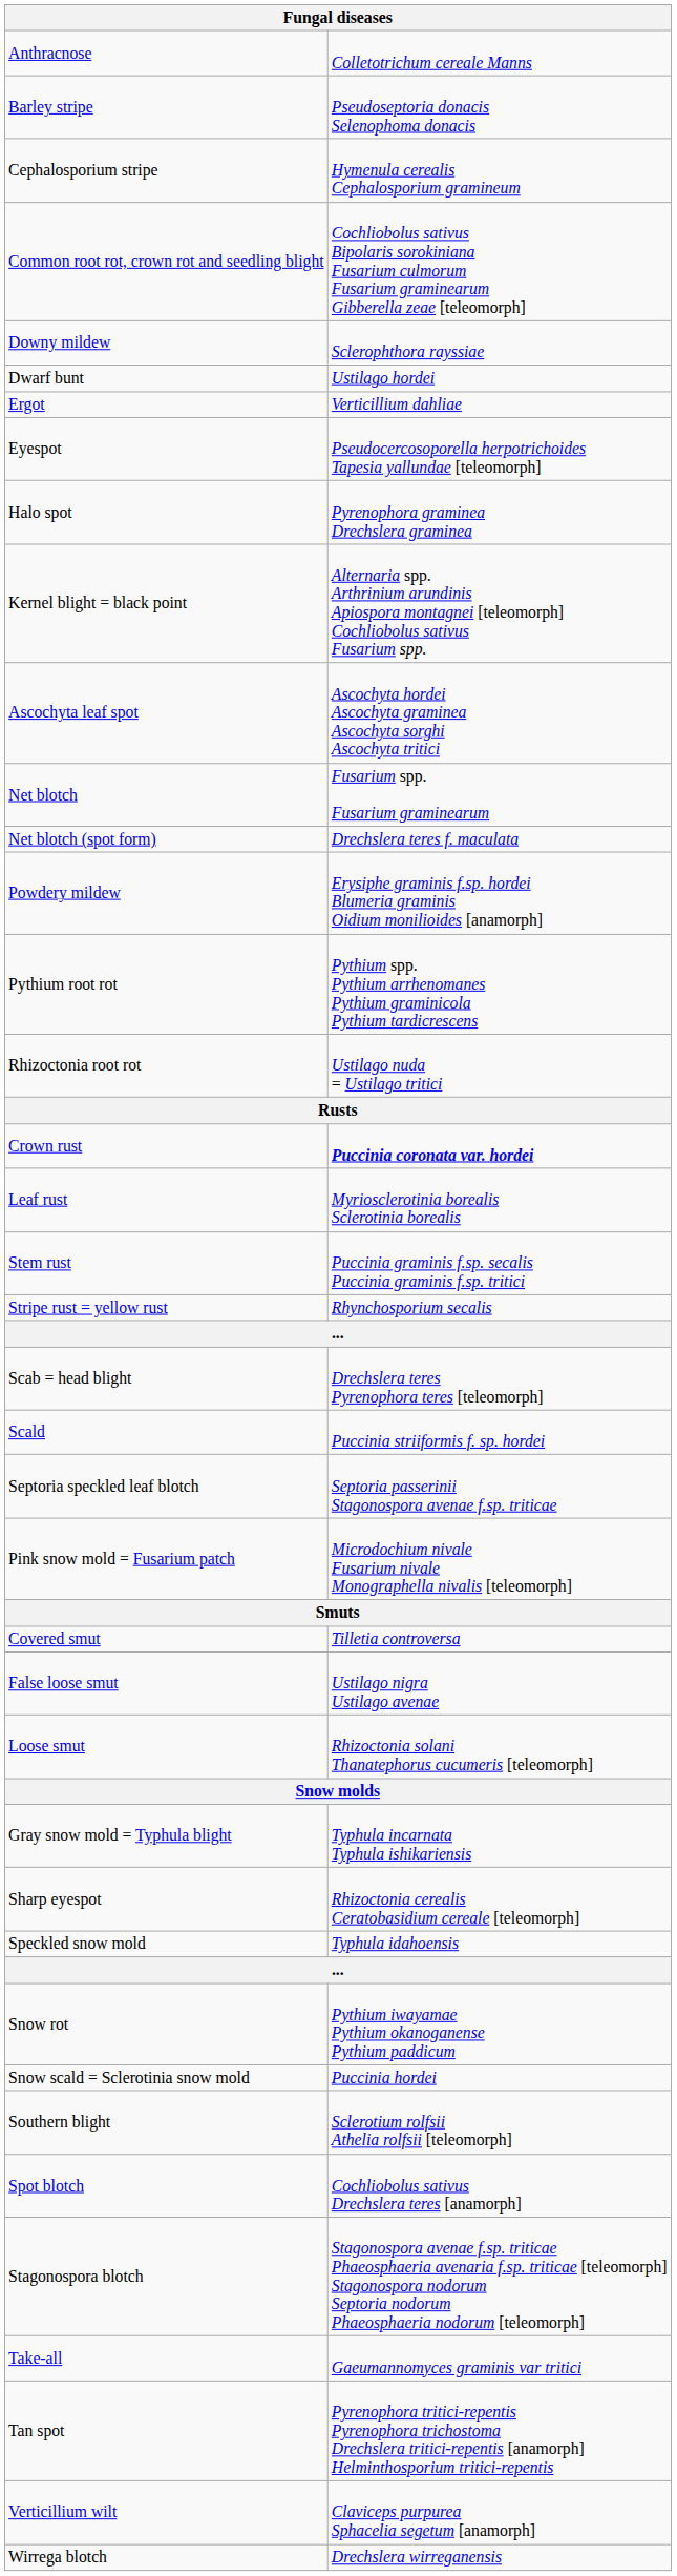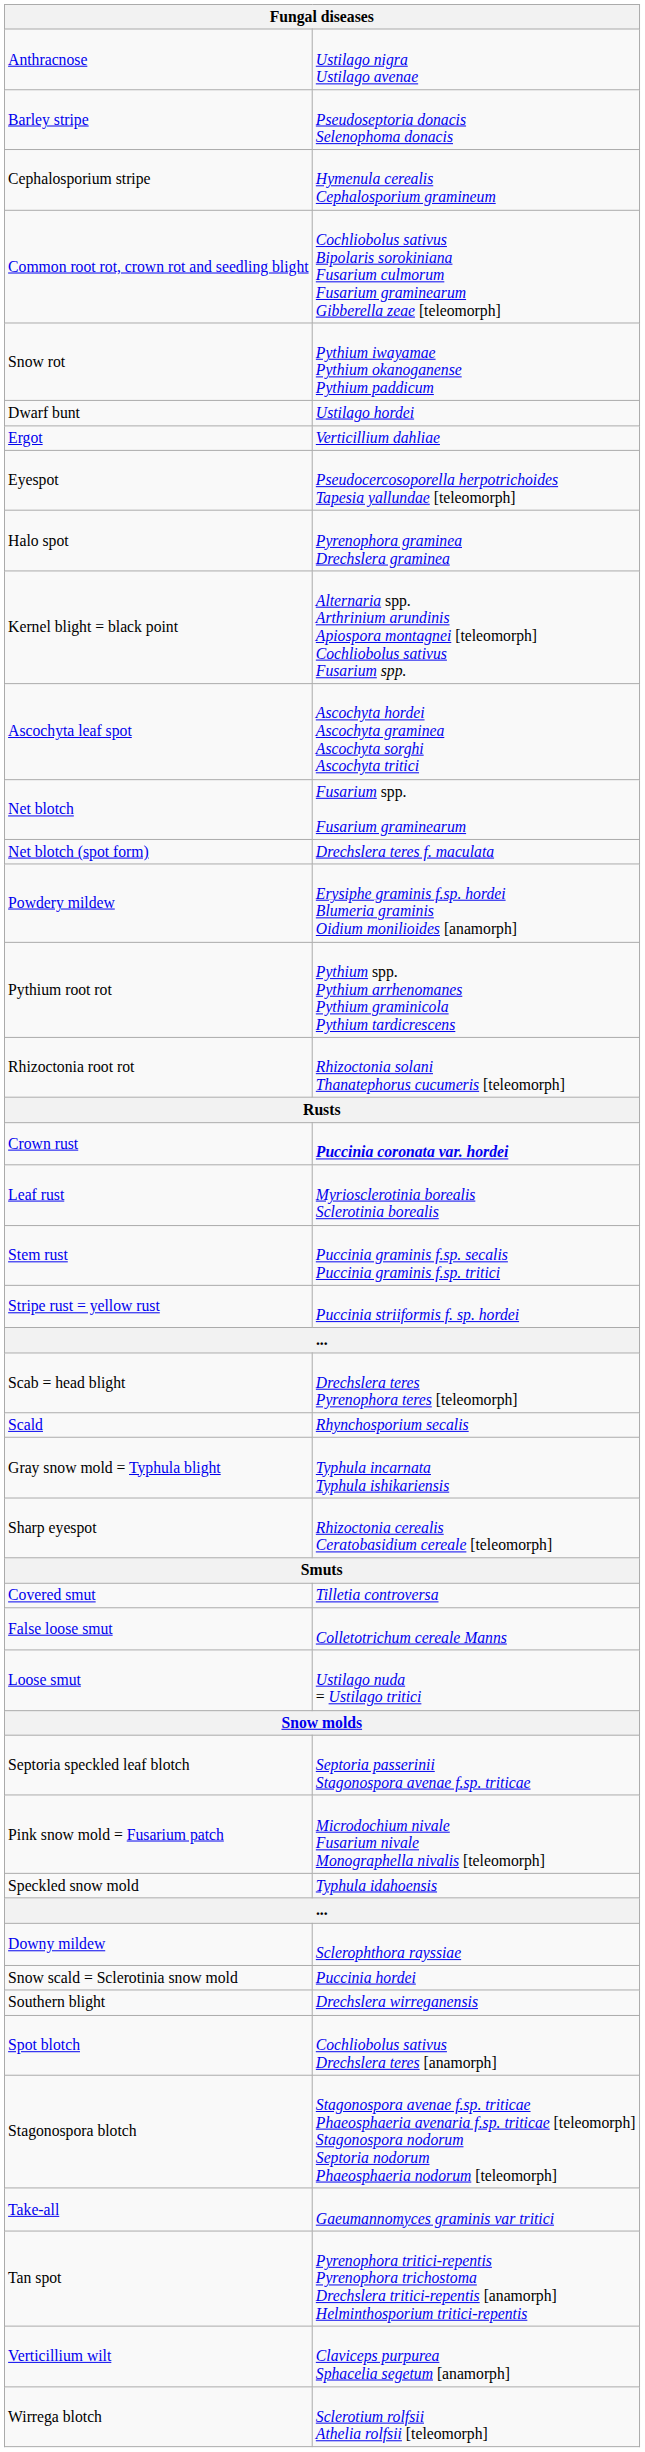 <table class="wikitable">
 <tr>
 <th colspan=2><strong>Fungal diseases</strong></th>
 </tr>
 <tr>
 <td><a href='#'>Anthracnose</a></td>
-<td><br><em><a href='#'>Colletotrichum cereale Manns</a></em><br></td>
+<td><br><em><a href='#'>Ustilago nigra</a></em> <br>  <em><a href='#'>Ustilago avenae</a></em></td>
 </tr>
 <tr>
 <td><a href='#'>Barley stripe</a></td>
 <td><br><em><a href='#'>Pseudoseptoria donacis</a></em> <br>  <em><a href='#'>Selenophoma donacis</a></em></td>
 </tr>
 <tr>
 <td>Cephalosporium stripe</td>
 <td><br><em><a href='#'>Hymenula cerealis</a></em> <br>  <em><a href='#'>Cephalosporium gramineum</a></em></td>
 </tr>
 <tr>
 <td><a href='#'>Common root rot, crown rot and seedling blight</a></td>
 <td><br><em><a href='#'>Cochliobolus sativus</a></em> <br>  <em><a href='#'>Bipolaris sorokiniana</a></em><br> <em><a href='#'>Fusarium culmorum</a></em><br> <em><a href='#'>Fusarium graminearum</a></em><br> <em><a href='#'>Gibberella zeae</a></em> [teleomorph]</td>
 </tr>
 <tr>
-<td><a href='#'>Downy mildew</a></td>
-<td><br><em><a href='#'>Sclerophthora rayssiae</a></em></td>
+<td>Snow rot</td>
+<td><br><em><a href='#'>Pythium iwayamae</a></em><br> <em><a href='#'>Pythium okanoganense</a></em><br> <em><a href='#'>Pythium paddicum</a></em></td>
 </tr>
 <tr>
 <td>Dwarf bunt</td>
 <td><em><a href='#'>Ustilago hordei</a></em></td>
 </tr>
 <tr>
 <td><a href='#'>Ergot</a></td>
 <td><em><a href='#'>Verticillium dahliae</a></em></td>
 </tr>
 <tr>
 <td>Eyespot</td>
 <td><br><em><a href='#'>Pseudocercosoporella herpotrichoides</a></em><br> <em><a href='#'>Tapesia yallundae</a></em> [teleomorph]</td>
 </tr>
 <tr>
 <td>Halo spot</td>
 <td><br><em><a href='#'>Pyrenophora graminea</a></em> <br>  <em><a href='#'>Drechslera graminea</a></em></td>
 </tr>
 <tr>
 <td>Kernel blight = black point</td>
 <td><br><em><a href='#'>Alternaria</a></em> spp. <br> <em><a href='#'>Arthrinium arundinis</a></em><br> <em><a href='#'>Apiospora montagnei</a></em> [teleomorph] <br> <em><a href='#'>Cochliobolus sativus</a></em><br> <em><a href='#'>Fusarium</a> spp.</em><br></td>
 </tr>
 <tr>
 <td><a href='#'>Ascochyta leaf spot</a></td>
 <td><br><em><a href='#'>Ascochyta hordei</a></em><br> <em><a href='#'>Ascochyta graminea</a></em> <br> <em><a href='#'>Ascochyta sorghi</a></em> <br> <em><a href='#'>Ascochyta tritici</a></em></td>
 </tr>
 <tr>
 <td><a href='#'>Net blotch</a></td>
 <td><em><a href='#'>Fusarium</a></em> spp.<br><br><em><a href='#'>Fusarium graminearum</a></em></td>
 </tr>
 <tr>
 <td><a href='#'>Net blotch (spot form)</a></td>
 <td><em><a href='#'>Drechslera teres f. maculata</a></em></td>
 </tr>
 <tr>
 <td><a href='#'>Powdery mildew</a></td>
 <td><br><em><a href='#'>Erysiphe graminis f.sp. hordei</a></em> <br>  <em><a href='#'>Blumeria graminis</a></em><br> <em><a href='#'>Oidium monilioides</a></em> [anamorph]</td>
 </tr>
 <tr>
 <td>Pythium root rot</td>
 <td><br><em><a href='#'>Pythium</a></em> spp. <br> <em><a href='#'>Pythium arrhenomanes</a></em><br> <em><a href='#'>Pythium graminicola</a></em><br> <em><a href='#'>Pythium tardicrescens</a></em></td>
 </tr>
 <tr>
 <td>Rhizoctonia root rot</td>
-<td><br><em><a href='#'>Ustilago nuda</a></em> <br>= <em><a href='#'>Ustilago tritici</a></em></td>
+<td><br><em><a href='#'>Rhizoctonia solani</a></em><br> <em><a href='#'>Thanatephorus cucumeris</a></em> [teleomorph]</td>
 </tr>
 <tr>
 <th colspan=2>Rusts</th>
 </tr>
 <tr>
 <td><a href='#'>Crown rust</a></td>
 <td><strong><br><em><a href='#'>Puccinia coronata var. hordei</a></em></strong></td>
 </tr>
 <tr>
 <td><a href='#'>Leaf rust</a></td>
 <td><br><em><a href='#'>Myriosclerotinia borealis</a></em> <br>  <em><a href='#'>Sclerotinia borealis</a></em></td>
 </tr>
 <tr>
 <td><a href='#'>Stem rust</a></td>
 <td><br><em><a href='#'>Puccinia graminis f.sp. secalis</a></em> <br> <em><a href='#'>Puccinia graminis f.sp. tritici</a></em></td>
 </tr>
 <tr>
 <td><a href='#'>Stripe rust = yellow rust</a></td>
-<td><em><a href='#'>Rhynchosporium secalis</a></em></td>
+<td><br><em><a href='#'>Puccinia striiformis f. sp. hordei</a></em></td>
 </tr>
 <tr>
 <th colspan=2>...</th>
 </tr>
 <tr>
 <td>Scab = head blight</td>
 <td><br><em><a href='#'>Drechslera teres</a></em><br> <em><a href='#'>Pyrenophora teres</a></em> [teleomorph]</td>
 </tr>
 <tr>
 <td><a href='#'>Scald</a></td>
-<td><br><em><a href='#'>Puccinia striiformis f. sp. hordei</a></em></td>
+<td><em><a href='#'>Rhynchosporium secalis</a></em></td>
+</tr>
+<tr>
+<td>Gray snow mold = <a href='#'>Typhula blight</a></td>
+<td><br><em><a href='#'>Typhula incarnata</a></em><br> <em><a href='#'>Typhula ishikariensis</a></em></td>
+</tr>
+<tr>
+<td>Sharp eyespot</td>
+<td><br><em><a href='#'>Rhizoctonia cerealis</a></em><br> <em><a href='#'>Ceratobasidium cereale</a></em> [teleomorph]</td>
+</tr>
+<tr>
+<th colspan=2>Smuts</th>
+</tr>
+<tr>
+<td><a href='#'>Covered smut</a></td>
+<td><em><a href='#'>Tilletia controversa</a></em></td>
+</tr>
+<tr>
+<td><a href='#'>False loose smut</a></td>
+<td><br><em><a href='#'>Colletotrichum cereale Manns</a></em><br></td>
+</tr>
+<tr>
+<td><a href='#'>Loose smut</a></td>
+<td><br><em><a href='#'>Ustilago nuda</a></em> <br>= <em><a href='#'>Ustilago tritici</a></em></td>
+</tr>
+<tr>
+<th colspan=2><a href='#'>Snow molds</a></th>
 </tr>
 <tr>
 <td>Septoria speckled leaf blotch</td>
 <td><br><em><a href='#'>Septoria passerinii</a></em> <br> <em><a href='#'>Stagonospora avenae f.sp. triticae</a></em></td>
 </tr>
 <tr>
 <td>Pink snow mold = <a href='#'>Fusarium patch</a></td>
 <td><br><em><a href='#'>Microdochium nivale</a></em> <br>  <em><a href='#'>Fusarium nivale</a></em><br> <em><a href='#'>Monographella nivalis</a></em> [teleomorph]</td>
 </tr>
 <tr>
-<th colspan=2>Smuts</th>
-</tr>
-<tr>
-<td><a href='#'>Covered smut</a></td>
-<td><em><a href='#'>Tilletia controversa</a></em></td>
-</tr>
-<tr>
-<td><a href='#'>False loose smut</a></td>
-<td><br><em><a href='#'>Ustilago nigra</a></em> <br>  <em><a href='#'>Ustilago avenae</a></em></td>
-</tr>
-<tr>
-<td><a href='#'>Loose smut</a></td>
-<td><br><em><a href='#'>Rhizoctonia solani</a></em><br> <em><a href='#'>Thanatephorus cucumeris</a></em> [teleomorph]</td>
-</tr>
-<tr>
-<th colspan=2><a href='#'>Snow molds</a></th>
-</tr>
-<tr>
-<td>Gray snow mold = <a href='#'>Typhula blight</a></td>
-<td><br><em><a href='#'>Typhula incarnata</a></em><br> <em><a href='#'>Typhula ishikariensis</a></em></td>
-</tr>
-<tr>
-<td>Sharp eyespot</td>
-<td><br><em><a href='#'>Rhizoctonia cerealis</a></em><br> <em><a href='#'>Ceratobasidium cereale</a></em> [teleomorph]</td>
-</tr>
-<tr>
 <td>Speckled snow mold</td>
 <td><em><a href='#'>Typhula idahoensis</a></em></td>
 </tr>
 <tr>
 <th colspan=2>...</th>
 </tr>
 <tr>
-<td>Snow rot</td>
-<td><br><em><a href='#'>Pythium iwayamae</a></em><br> <em><a href='#'>Pythium okanoganense</a></em><br> <em><a href='#'>Pythium paddicum</a></em></td>
+<td><a href='#'>Downy mildew</a></td>
+<td><br><em><a href='#'>Sclerophthora rayssiae</a></em></td>
 </tr>
 <tr>
 <td>Snow scald = Sclerotinia snow mold</td>
 <td><em><a href='#'>Puccinia hordei</a></em></td>
 </tr>
 <tr>
 <td>Southern blight</td>
-<td><br><em><a href='#'>Sclerotium rolfsii</a></em><br> <em><a href='#'>Athelia rolfsii</a></em> [teleomorph]</td>
+<td><em><a href='#'>Drechslera wirreganensis</a></em></td>
 </tr>
 <tr>
 <td><a href='#'>Spot blotch</a></td>
 <td><br><em><a href='#'>Cochliobolus sativus</a></em><br> <em><a href='#'>Drechslera teres</a></em> [anamorph]</td>
 </tr>
 <tr>
 <td>Stagonospora blotch</td>
 <td><br><em><a href='#'>Stagonospora avenae f.sp. triticae</a></em><br> <em><a href='#'>Phaeosphaeria avenaria f.sp. triticae</a></em> [teleomorph]<br> <em><a href='#'>Stagonospora nodorum</a></em> <br>  <em><a href='#'>Septoria nodorum</a></em><br> <em><a href='#'>Phaeosphaeria nodorum</a></em> [teleomorph]</td>
 </tr>
 <tr>
 <td><a href='#'>Take-all</a></td>
 <td><br><em><a href='#'>Gaeumannomyces graminis var tritici</a></em></td>
 </tr>
 <tr>
 <td>Tan spot</td>
 <td><br><em><a href='#'>Pyrenophora tritici-repentis</a></em> <br>  <em><a href='#'>Pyrenophora trichostoma</a></em><br> <em><a href='#'>Drechslera tritici-repentis</a></em> [anamorph] <br>  <em><a href='#'>Helminthosporium tritici-repentis</a></em></td>
 </tr>
 <tr>
 <td><a href='#'>Verticillium wilt</a></td>
 <td><br><em><a href='#'>Claviceps purpurea</a></em><br> <em><a href='#'>Sphacelia segetum</a></em> [anamorph]</td>
 </tr>
 <tr>
 <td>Wirrega blotch</td>
-<td><em><a href='#'>Drechslera wirreganensis</a></em></td>
+<td><br><em><a href='#'>Sclerotium rolfsii</a></em><br> <em><a href='#'>Athelia rolfsii</a></em> [teleomorph]</td>
 </tr>
 </table>
